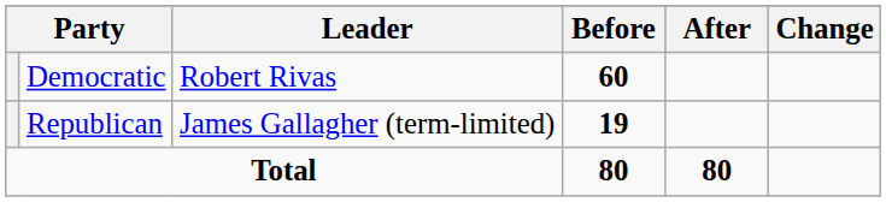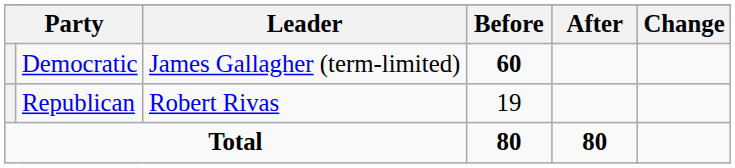 <table class="wikitable" style="text-align:center;">
 <tr>
 </tr>
 <tr>
 <th colspan=2>Party</th>
 <th>Leader</th>
 <th style="width:3em">Before</th>
 <th style="width:3em">After</th>
 <th style="width:3em">Change</th>
 </tr>
 <tr>
 <th style="background-color:"></th>
 <td style="text-align:left;"><a href='#'>Democratic</a></td>
-<td style="text-align:left;"><a href='#'>Robert Rivas</a></td>
+<td style="text-align:left;"><a href='#'>James Gallagher</a> (term-limited)</td>
 <td><strong>60</strong></td>
 <td></td>
 <td></td>
 </tr>
 <tr>
 <th style="background-color:"></th>
 <td style="text-align:left;"><a href='#'>Republican</a></td>
-<td style="text-align:left;"><a href='#'>James Gallagher</a> (term-limited)</td>
-<td><strong>19</strong></td>
+<td style="text-align:left;"><a href='#'>Robert Rivas</a></td>
+<td>19</td>
 <td></td>
 <td></td>
 </tr>
 <tr>
 <td colspan=3><strong>Total</strong></td>
 <td><strong>80</strong></td>
 <td><strong>80</strong></td>
 <td></td>
 </tr>
 </table>
